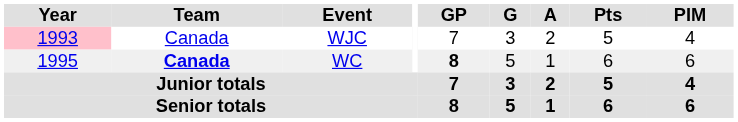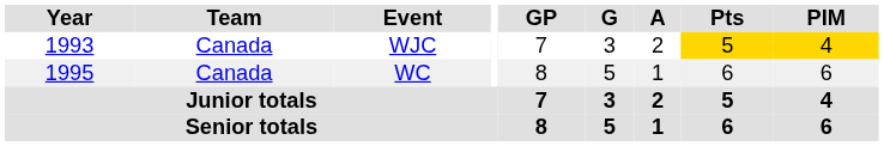 <table border="0" cellpadding="1" cellspacing="0" ID="Table3" style="text-align:center; width:40em">
 <tr bgcolor="#e0e0e0">
 <th>Year</th>
 <th>Team</th>
 <th>Event</th>
 <th rowspan="102" bgcolor="#ffffff"></th>
 <th>GP</th>
 <th>G</th>
 <th>A</th>
 <th>Pts</th>
 <th>PIM</th>
 </tr>
 <tr>
-<td style="background: pink;"><a href='#'>1993</a></td>
+<td><a href='#'>1993</a></td>
 <td><a href='#'>Canada</a></td>
 <td><a href='#'>WJC</a></td>
 <td>7</td>
 <td>3</td>
 <td>2</td>
-<td>5</td>
-<td>4</td>
+<td style="background: gold;">5</td>
+<td style="background: gold;">4</td>
 </tr>
 <tr bgcolor="#f0f0f0">
 <td><a href='#'>1995</a></td>
-<td><strong><a href='#'>Canada</a></strong></td>
+<td><a href='#'>Canada</a></td>
 <td><a href='#'>WC</a></td>
-<td><strong>8</strong></td>
+<td>8</td>
 <td>5</td>
 <td>1</td>
 <td>6</td>
 <td>6</td>
 </tr>
 <tr bgcolor="#e0e0e0">
 <th colspan="4">Junior totals</th>
 <th>7</th>
 <th>3</th>
 <th>2</th>
 <th>5</th>
 <th>4</th>
 </tr>
 <tr bgcolor="#e0e0e0">
 <th colspan="4">Senior totals</th>
 <th>8</th>
 <th>5</th>
 <th>1</th>
 <th>6</th>
 <th>6</th>
 </tr>
 </table>
